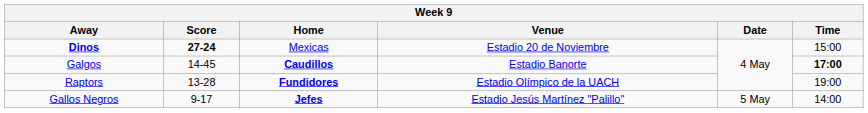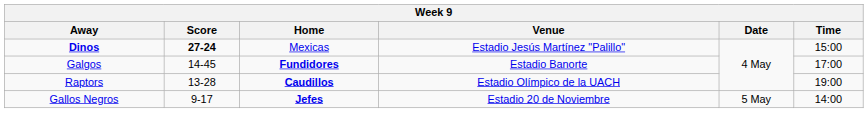 <table class="wikitable mw-collapsible mw-collapsed" style="width:100%;">
 <tr>
 <th colspan="8">Week 9</th>
 </tr>
 <tr>
 <th>Away</th>
 <th>Score</th>
 <th>Home</th>
 <th>Venue</th>
 <th>Date</th>
 <th>Time</th>
 </tr>
 <tr align="center">
 <td><strong><a href='#'>Dinos</a></strong></td>
 <td><strong>27-24</strong></td>
 <td><a href='#'>Mexicas</a></td>
-<td><a href='#'>Estadio 20 de Noviembre</a></td>
+<td><a href='#'>Estadio Jesús Martínez "Palillo"</a></td>
 <td rowspan=3>4 May</td>
 <td>15:00</td>
 </tr>
 <tr align="center">
 <td><a href='#'>Galgos</a></td>
 <td>14-45</td>
-<td><strong><a href='#'>Caudillos</a></strong></td>
+<td><strong><a href='#'>Fundidores</a></strong></td>
 <td><a href='#'>Estadio Banorte</a></td>
-<td><strong>17:00</strong></td>
+<td>17:00</td>
 </tr>
 <tr align="center">
 <td><a href='#'>Raptors</a></td>
 <td>13-28</td>
-<td><strong><a href='#'>Fundidores</a></strong></td>
+<td><strong><a href='#'>Caudillos</a></strong></td>
 <td><a href='#'>Estadio Olímpico de la UACH</a></td>
 <td>19:00</td>
 </tr>
 <tr align="center">
 <td><a href='#'>Gallos Negros</a></td>
 <td>9-17</td>
 <td><strong><a href='#'>Jefes</a></strong></td>
-<td><a href='#'>Estadio Jesús Martínez "Palillo"</a></td>
+<td><a href='#'>Estadio 20 de Noviembre</a></td>
 <td>5 May</td>
 <td>14:00</td>
 </tr>
 </table>
